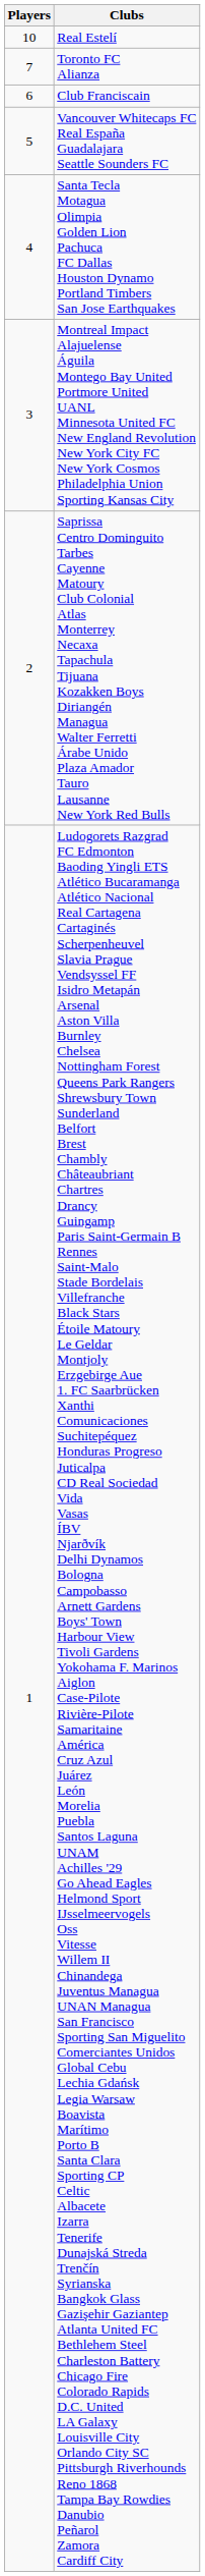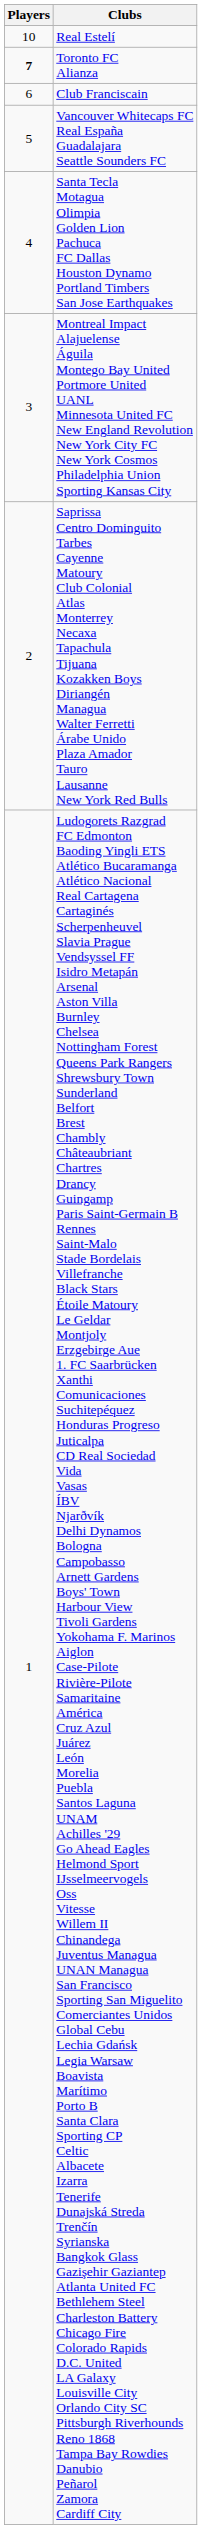 <table class="wikitable">
 <tr>
 <th>Players</th>
 <th>Clubs</th>
 </tr>
 <tr>
 <td align=center>10</td>
 <td> <a href='#'>Real Estelí</a></td>
 </tr>
 <tr>
-<td align=center>7</td>
+<td align=center><strong>7</strong></td>
 <td> <a href='#'>Toronto FC</a><br> <a href='#'>Alianza</a></td>
 </tr>
 <tr>
 <td align=center>6</td>
 <td> <a href='#'>Club Franciscain</a></td>
 </tr>
 <tr>
 <td align=center>5</td>
 <td> <a href='#'>Vancouver Whitecaps FC</a><br> <a href='#'>Real España</a><br> <a href='#'>Guadalajara</a><br> <a href='#'>Seattle Sounders FC</a></td>
 </tr>
 <tr>
 <td align=center>4</td>
 <td> <a href='#'>Santa Tecla</a><br> <a href='#'>Motagua</a><br> <a href='#'>Olimpia</a><br> <a href='#'>Golden Lion</a><br> <a href='#'>Pachuca</a><br> <a href='#'>FC Dallas</a><br> <a href='#'>Houston Dynamo</a><br> <a href='#'>Portland Timbers</a><br> <a href='#'>San Jose Earthquakes</a></td>
 </tr>
 <tr>
 <td align=center>3</td>
 <td> <a href='#'>Montreal Impact</a><br> <a href='#'>Alajuelense</a><br> <a href='#'>Águila</a><br> <a href='#'>Montego Bay United</a><br> <a href='#'>Portmore United</a><br> <a href='#'>UANL</a><br> <a href='#'>Minnesota United FC</a><br> <a href='#'>New England Revolution</a><br> <a href='#'>New York City FC</a><br> <a href='#'>New York Cosmos</a><br> <a href='#'>Philadelphia Union</a><br> <a href='#'>Sporting Kansas City</a></td>
 </tr>
 <tr>
 <td align=center>2</td>
 <td> <a href='#'>Saprissa</a><br> <a href='#'>Centro Dominguito</a><br> <a href='#'>Tarbes</a><br> <a href='#'>Cayenne</a><br> <a href='#'>Matoury</a><br> <a href='#'>Club Colonial</a><br> <a href='#'>Atlas</a><br> <a href='#'>Monterrey</a><br> <a href='#'>Necaxa</a><br> <a href='#'>Tapachula</a><br> <a href='#'>Tijuana</a><br> <a href='#'>Kozakken Boys</a><br> <a href='#'>Diriangén</a><br> <a href='#'>Managua</a><br> <a href='#'>Walter Ferretti</a><br> <a href='#'>Árabe Unido</a><br> <a href='#'>Plaza Amador</a><br> <a href='#'>Tauro</a><br> <a href='#'>Lausanne</a><br> <a href='#'>New York Red Bulls</a></td>
 </tr>
 <tr>
 <td align=center>1</td>
 <td> <a href='#'>Ludogorets Razgrad</a><br> <a href='#'>FC Edmonton</a><br> <a href='#'>Baoding Yingli ETS</a><br> <a href='#'>Atlético Bucaramanga</a><br> <a href='#'>Atlético Nacional</a><br> <a href='#'>Real Cartagena</a><br> <a href='#'>Cartaginés</a><br> <a href='#'>Scherpenheuvel</a><br> <a href='#'>Slavia Prague</a><br> <a href='#'>Vendsyssel FF</a><br> <a href='#'>Isidro Metapán</a><br> <a href='#'>Arsenal</a><br> <a href='#'>Aston Villa</a><br> <a href='#'>Burnley</a><br> <a href='#'>Chelsea</a><br> <a href='#'>Nottingham Forest</a><br> <a href='#'>Queens Park Rangers</a><br> <a href='#'>Shrewsbury Town</a><br> <a href='#'>Sunderland</a><br> <a href='#'>Belfort</a><br> <a href='#'>Brest</a><br> <a href='#'>Chambly</a><br> <a href='#'>Châteaubriant</a><br> <a href='#'>Chartres</a><br> <a href='#'>Drancy</a><br> <a href='#'>Guingamp</a><br> <a href='#'>Paris Saint-Germain B</a><br> <a href='#'>Rennes</a><br> <a href='#'>Saint-Malo</a><br> <a href='#'>Stade Bordelais</a><br> <a href='#'>Villefranche</a><br> <a href='#'>Black Stars</a><br> <a href='#'>Étoile Matoury</a><br> <a href='#'>Le Geldar</a><br> <a href='#'>Montjoly</a><br> <a href='#'>Erzgebirge Aue</a><br> <a href='#'>1. FC Saarbrücken</a><br> <a href='#'>Xanthi</a><br> <a href='#'>Comunicaciones</a><br> <a href='#'>Suchitepéquez</a><br> <a href='#'>Honduras Progreso</a><br> <a href='#'>Juticalpa</a><br> <a href='#'>CD Real Sociedad</a><br> <a href='#'>Vida</a><br> <a href='#'>Vasas</a><br> <a href='#'>ÍBV</a><br> <a href='#'>Njarðvík</a><br> <a href='#'>Delhi Dynamos</a><br> <a href='#'>Bologna</a><br> <a href='#'>Campobasso</a><br> <a href='#'>Arnett Gardens</a><br> <a href='#'>Boys' Town</a><br> <a href='#'>Harbour View</a><br> <a href='#'>Tivoli Gardens</a><br> <a href='#'>Yokohama F. Marinos</a><br> <a href='#'>Aiglon</a><br> <a href='#'>Case-Pilote</a><br> <a href='#'>Rivière-Pilote</a><br> <a href='#'>Samaritaine</a><br> <a href='#'>América</a><br> <a href='#'>Cruz Azul</a><br> <a href='#'>Juárez</a><br> <a href='#'>León</a><br> <a href='#'>Morelia</a><br> <a href='#'>Puebla</a><br> <a href='#'>Santos Laguna</a><br> <a href='#'>UNAM</a><br> <a href='#'>Achilles '29</a><br> <a href='#'>Go Ahead Eagles</a><br> <a href='#'>Helmond Sport</a><br> <a href='#'>IJsselmeervogels</a><br> <a href='#'>Oss</a><br> <a href='#'>Vitesse</a><br> <a href='#'>Willem II</a><br> <a href='#'>Chinandega</a><br> <a href='#'>Juventus Managua</a><br> <a href='#'>UNAN Managua</a><br> <a href='#'>San Francisco</a><br> <a href='#'>Sporting San Miguelito</a><br> <a href='#'>Comerciantes Unidos</a><br> <a href='#'>Global Cebu</a><br> <a href='#'>Lechia Gdańsk</a><br> <a href='#'>Legia Warsaw</a><br> <a href='#'>Boavista</a><br> <a href='#'>Marítimo</a><br> <a href='#'>Porto B</a><br> <a href='#'>Santa Clara</a><br> <a href='#'>Sporting CP</a><br> <a href='#'>Celtic</a><br> <a href='#'>Albacete</a><br> <a href='#'>Izarra</a><br> <a href='#'>Tenerife</a><br> <a href='#'>Dunajská Streda</a><br> <a href='#'>Trenčín</a><br> <a href='#'>Syrianska</a><br> <a href='#'>Bangkok Glass</a><br> <a href='#'>Gazişehir Gaziantep</a><br> <a href='#'>Atlanta United FC</a><br> <a href='#'>Bethlehem Steel</a><br> <a href='#'>Charleston Battery</a><br> <a href='#'>Chicago Fire</a><br> <a href='#'>Colorado Rapids</a><br> <a href='#'>D.C. United</a><br> <a href='#'>LA Galaxy</a><br> <a href='#'>Louisville City</a><br> <a href='#'>Orlando City SC</a><br> <a href='#'>Pittsburgh Riverhounds</a><br> <a href='#'>Reno 1868</a><br> <a href='#'>Tampa Bay Rowdies</a><br> <a href='#'>Danubio</a><br> <a href='#'>Peñarol</a><br> <a href='#'>Zamora</a><br> <a href='#'>Cardiff City</a></td>
 </tr>
 </table>
